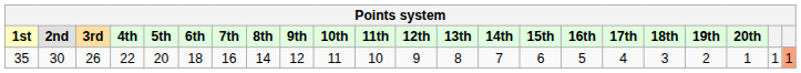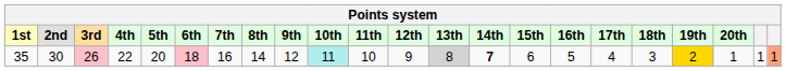 <table class="wikitable" style="font-size:85%; text-align:center">
 <tr>
 <th colspan="22">Points system</th>
 </tr>
 <tr>
 <td style="background:#ffffbf;"> <strong>1st</strong> </td>
 <td style="background:#dfdfdf;"> <strong>2nd</strong> </td>
 <td style="background:#ffdf9f;"> <strong>3rd</strong> </td>
 <td style="background:#dfffdf;"> <strong>4th</strong> </td>
 <td style="background:#dfffdf;"> <strong>5th</strong> </td>
 <td style="background:#dfffdf;"> <strong>6th</strong> </td>
 <td style="background:#dfffdf;"> <strong>7th</strong> </td>
 <td style="background:#dfffdf;"> <strong>8th</strong> </td>
 <td style="background:#dfffdf;"> <strong>9th</strong> </td>
 <td style="background:#dfffdf;"> <strong>10th</strong> </td>
 <td style="background:#dfffdf;"> <strong>11th</strong> </td>
 <td style="background:#dfffdf;"> <strong>12th</strong> </td>
 <td style="background:#dfffdf;"> <strong>13th</strong> </td>
 <td style="background:#dfffdf;"> <strong>14th</strong> </td>
 <td style="background:#dfffdf;"> <strong>15th</strong> </td>
 <td style="background:#dfffdf;"> <strong>16th</strong> </td>
 <td style="background:#dfffdf;"> <strong>17th</strong> </td>
 <td style="background:#dfffdf;"> <strong>18th</strong> </td>
 <td style="background:#dfffdf;"> <strong>19th</strong> </td>
 <td style="background:#dfffdf;"> <strong>20th</strong> </td>
 <th></th>
 <th></th>
 </tr>
 <tr>
 <td>35</td>
 <td>30</td>
-<td>26</td>
+<td style="background: pink;">26</td>
 <td>22</td>
 <td>20</td>
-<td>18</td>
+<td style="background: pink;">18</td>
 <td>16</td>
 <td>14</td>
 <td>12</td>
-<td>11</td>
+<td style="background: paleturquoise;">11</td>
 <td>10</td>
 <td>9</td>
-<td>8</td>
-<td>7</td>
+<td style="background: lightgrey;">8</td>
+<td><strong>7</strong></td>
 <td>6</td>
 <td>5</td>
 <td>4</td>
 <td>3</td>
-<td>2</td>
+<td style="background: gold;">2</td>
 <td>1</td>
 <td>1</td>
 <td style="background: lightsalmon;">1</td>
 </tr>
 </table>
